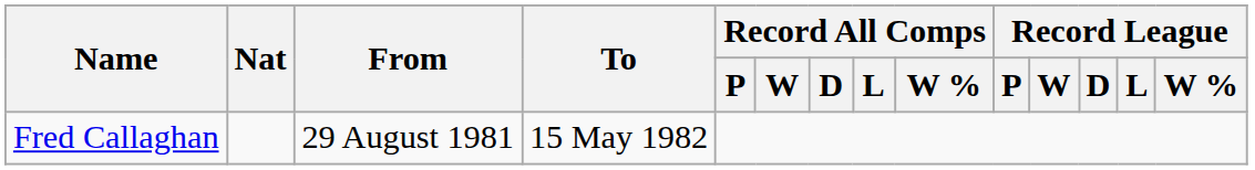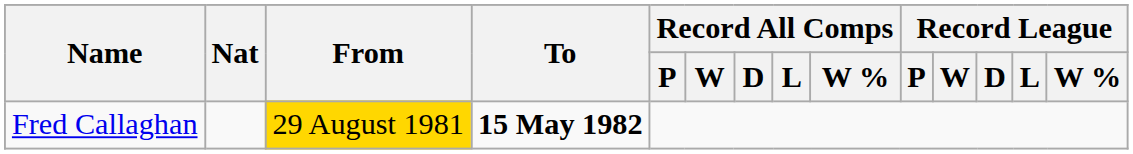 <table style="text-align: center" class="wikitable">
 <tr>
 <th rowspan="2">Name</th>
 <th rowspan="2">Nat</th>
 <th rowspan="2">From</th>
 <th rowspan="2">To</th>
 <th colspan="5">Record All Comps</th>
 <th colspan="5">Record League</th>
 </tr>
 <tr>
 <th>P</th>
 <th>W</th>
 <th>D</th>
 <th>L</th>
 <th>W %</th>
 <th>P</th>
 <th>W</th>
 <th>D</th>
 <th>L</th>
 <th>W %</th>
 </tr>
 <tr>
 <td style="text-align:left;"><a href='#'>Fred Callaghan</a></td>
 <td></td>
-<td style="text-align:left;">29 August 1981</td>
-<td style="text-align:left;">15 May 1982<br> </td>
+<td style="background: gold; text-align:left;">29 August 1981</td>
+<td style="text-align:left;"><strong>15 May 1982<br> </strong></td>
 </tr>
 </table>
